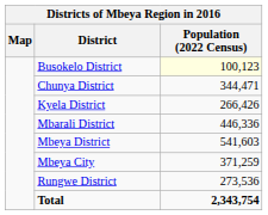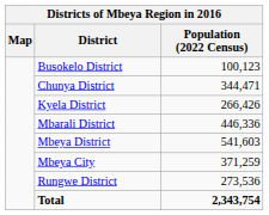 <table class="wikitable">
 <tr>
 <th colspan="8">Districts of Mbeya Region in 2016</th>
 </tr>
 <tr style="text-align:center;">
 <th>Map</th>
 <th style="width: 10em">District</th>
 <th style="width: 8em">Population<br>(2022 Census)</th>
 </tr>
 <tr>
 <td rowspan=8></td>
 <td><a href='#'>Busokelo District</a></td>
-<td style="background: lightyellow; text-align:right;">100,123</td>
+<td style="text-align:right;">100,123</td>
 </tr>
 <tr>
 <td><a href='#'>Chunya District</a></td>
 <td style="text-align:right;">344,471</td>
 </tr>
 <tr>
 <td><a href='#'>Kyela District</a></td>
 <td style="text-align:right;">266,426</td>
 </tr>
 <tr>
 <td><a href='#'>Mbarali District</a></td>
 <td style="text-align:right;">446,336</td>
 </tr>
 <tr>
 <td><a href='#'>Mbeya District</a></td>
 <td style="text-align:right;">541,603</td>
 </tr>
 <tr>
 <td><a href='#'>Mbeya City</a></td>
 <td style="text-align:right;">371,259</td>
 </tr>
 <tr>
 <td><a href='#'>Rungwe District</a></td>
 <td style="text-align:right;">273,536</td>
 </tr>
 <tr>
 <td><strong>Total</strong></td>
 <td style="text-align:right;"><strong>2,343,754</strong></td>
 </tr>
 </table>
